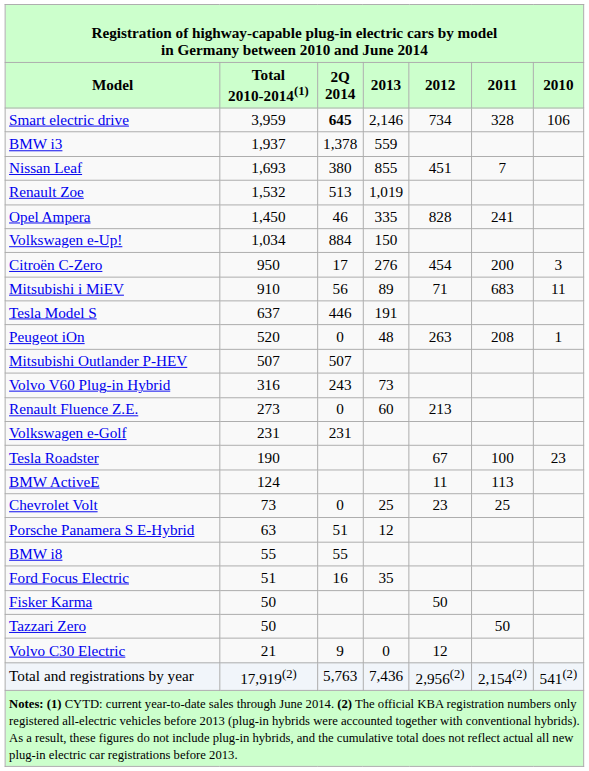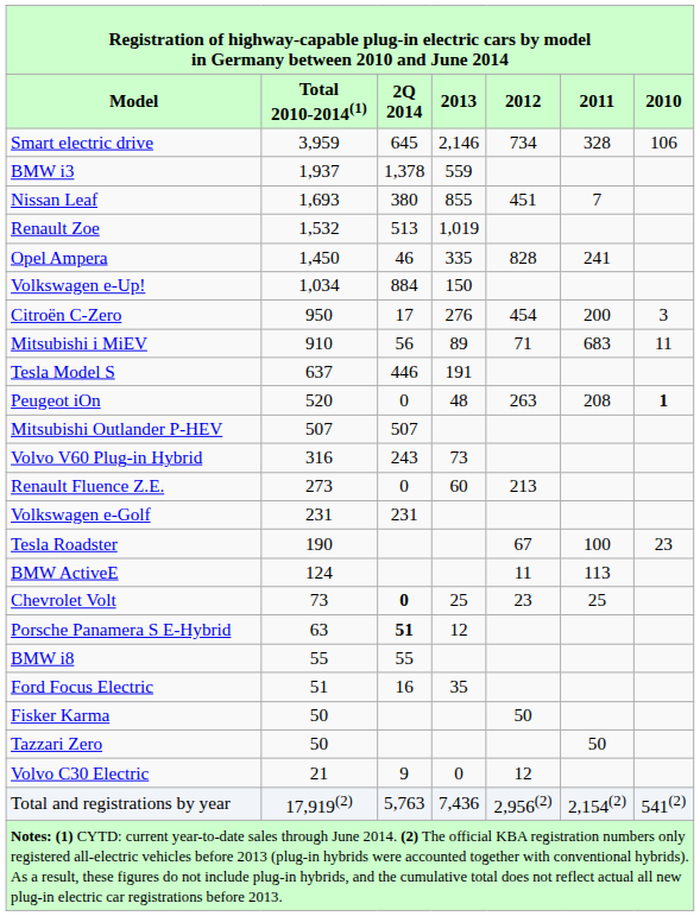 <table class="wikitable"  style="margin: 1em auto 1em auto">
 <tr>
 <th colspan="7" style="text-align:center; background:#cfc;"><br>Registration of highway-capable plug-in electric cars by model<br> in Germany between 2010 and June 2014</th>
 </tr>
 <tr>
 <th style="background:#cfc;">Model</th>
 <th style="background:#cfc;">Total<br> 2010-2014<sup>(1)</sup></th>
 <th style="background:#cfc;">2Q<br>2014</th>
 <th style="background:#cfc;">2013</th>
 <th style="background:#cfc;">2012</th>
 <th style="background:#cfc;">2011</th>
 <th style="background:#cfc;">2010</th>
 </tr>
 <tr style="text-align:center;">
 <td align=left><a href='#'>Smart electric drive</a></td>
 <td>3,959</td>
-<td><strong>645</strong></td>
+<td>645</td>
 <td>2,146</td>
 <td>734</td>
 <td>328</td>
 <td>106</td>
 </tr>
 <tr style="text-align:center;">
 <td align=left><a href='#'>BMW i3</a></td>
 <td>1,937</td>
 <td>1,378</td>
 <td>559</td>
 <td> </td>
 <td> </td>
 <td> </td>
 </tr>
 <tr style="text-align:center;">
 <td align=left><a href='#'>Nissan Leaf</a></td>
 <td>1,693</td>
 <td>380</td>
 <td>855</td>
 <td>451</td>
 <td>7</td>
 <td> </td>
 </tr>
 <tr style="text-align:center;">
 <td align=left><a href='#'>Renault Zoe</a></td>
 <td>1,532</td>
 <td>513</td>
 <td>1,019</td>
 <td> </td>
 <td> </td>
 <td> </td>
 </tr>
 <tr style="text-align:center;">
 <td align=left><a href='#'>Opel Ampera</a></td>
 <td>1,450</td>
 <td>46</td>
 <td>335</td>
 <td>828</td>
 <td>241</td>
 <td> </td>
 </tr>
 <tr style="text-align:center;">
 <td align=left><a href='#'>Volkswagen e-Up!</a></td>
 <td>1,034</td>
 <td>884</td>
 <td>150</td>
 <td> </td>
 <td> </td>
 <td> </td>
 </tr>
 <tr style="text-align:center;">
 <td align=left><a href='#'>Citroën C-Zero</a></td>
 <td>950</td>
 <td>17</td>
 <td>276</td>
 <td>454</td>
 <td>200</td>
 <td>3</td>
 </tr>
 <tr style="text-align:center;">
 <td align=left><a href='#'>Mitsubishi i MiEV</a></td>
 <td>910</td>
 <td>56</td>
 <td>89</td>
 <td>71</td>
 <td>683</td>
 <td>11</td>
 </tr>
 <tr style="text-align:center;">
 <td align=left><a href='#'>Tesla Model S</a></td>
 <td>637</td>
 <td>446</td>
 <td>191</td>
 <td> </td>
 <td> </td>
 <td> </td>
 </tr>
 <tr style="text-align:center;">
 <td align=left><a href='#'>Peugeot iOn</a></td>
 <td>520</td>
 <td>0</td>
 <td>48</td>
 <td>263</td>
 <td>208</td>
-<td>1</td>
+<td><strong>1</strong></td>
 </tr>
 <tr style="text-align:center;">
 <td align=left><a href='#'>Mitsubishi Outlander P-HEV</a></td>
 <td>507</td>
 <td>507</td>
 <td> </td>
 <td> </td>
 <td> </td>
 <td> </td>
 </tr>
 <tr style="text-align:center;">
 <td align=left><a href='#'>Volvo V60 Plug-in Hybrid</a></td>
 <td>316</td>
 <td>243</td>
 <td>73</td>
 <td> </td>
 <td> </td>
 <td> </td>
 </tr>
 <tr style="text-align:center;">
 <td align=left><a href='#'>Renault Fluence Z.E.</a></td>
 <td>273</td>
 <td>0</td>
 <td>60</td>
 <td>213</td>
 <td> </td>
 <td> </td>
 </tr>
 <tr style="text-align:center;">
 <td align=left><a href='#'>Volkswagen e-Golf</a></td>
 <td>231</td>
 <td>231</td>
 <td> </td>
 <td> </td>
 <td> </td>
 <td> </td>
 </tr>
 <tr style="text-align:center;">
 <td align=left><a href='#'>Tesla Roadster</a></td>
 <td>190</td>
 <td> </td>
 <td> </td>
 <td>67</td>
 <td>100</td>
 <td>23</td>
 </tr>
 <tr style="text-align:center;">
 <td align=left><a href='#'>BMW ActiveE</a></td>
 <td>124</td>
 <td> </td>
 <td> </td>
 <td>11</td>
 <td>113</td>
 <td> </td>
 </tr>
 <tr style="text-align:center;">
 <td align=left><a href='#'>Chevrolet Volt</a></td>
 <td>73</td>
-<td>0</td>
+<td><strong>0</strong></td>
 <td>25</td>
 <td>23</td>
 <td>25</td>
 <td> </td>
 </tr>
 <tr style="text-align:center;">
 <td align=left><a href='#'>Porsche Panamera S E-Hybrid</a></td>
 <td>63</td>
-<td>51</td>
+<td><strong>51</strong></td>
 <td>12</td>
 <td> </td>
 <td> </td>
 <td> </td>
 </tr>
 <tr style="text-align:center;">
 <td align=left><a href='#'>BMW i8</a></td>
 <td>55</td>
 <td>55</td>
 <td> </td>
 <td> </td>
 <td> </td>
 <td> </td>
 </tr>
 <tr style="text-align:center;">
 <td align=left><a href='#'>Ford Focus Electric</a></td>
 <td>51</td>
 <td>16</td>
 <td>35</td>
 <td> </td>
 <td> </td>
 <td> </td>
 </tr>
 <tr style="text-align:center;">
 <td align=left><a href='#'>Fisker Karma</a></td>
 <td>50</td>
 <td> </td>
 <td> </td>
 <td>50</td>
 <td> </td>
 <td> </td>
 </tr>
 <tr style="text-align:center;">
 <td align=left><a href='#'>Tazzari Zero</a></td>
 <td>50</td>
 <td> </td>
 <td> </td>
 <td> </td>
 <td>50</td>
 <td> </td>
 </tr>
 <tr style="text-align:center;">
 <td align=left><a href='#'>Volvo C30 Electric</a></td>
 <td>21</td>
 <td>9</td>
 <td>0</td>
 <td>12</td>
 <td> </td>
 <td> </td>
 </tr>
 <tr style="text-align:center; background:#f1f5fa;">
 <td style="text-align:left; ">Total and registrations by year</td>
 <td style="background:#f1f5fa;">17,919<sup>(2)</sup></td>
 <td style="background:#f1f5fa;">5,763</td>
 <td style="background:#f1f5fa;">7,436</td>
 <td style="background:#f1f5fa;">2,956<sup>(2)</sup></td>
 <td style="background:#f1f5fa;">2,154<sup>(2)</sup></td>
 <td style="background:#f1f5fa;">541<sup>(2)</sup></td>
 </tr>
 <tr>
 <td colspan="7" style="text-align:left; background:#cfc;"><small><strong>Notes: (1)</strong> CYTD: current year-to-date sales through June 2014. <strong>(2)</strong> The official KBA registration numbers only<br> registered all-electric vehicles before 2013 (plug-in hybrids were accounted together with conventional hybrids).<br> As a result, these  figures do not include plug-in hybrids, and the cumulative total does not reflect actual all new <br>plug-in electric car registrations before 2013.</small></td>
 </tr>
 </table>
